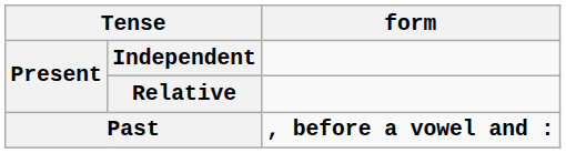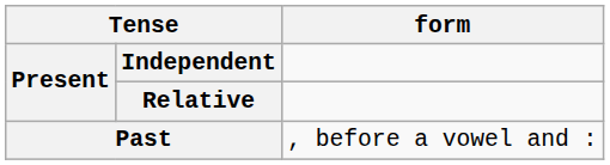 <table class="wikitable">
 <tr>
 <th colspan="2">Tense</th>
 <th>form</th>
 </tr>
 <tr>
 <th rowspan="2">Present</th>
 <th>Independent</th>
 <td></td>
 </tr>
 <tr>
 <th>Relative</th>
 <td></td>
 </tr>
 <tr>
 <th colspan="2">Past</th>
-<td><strong>, before a vowel and : </strong></td>
+<td>, before a vowel and : </td>
 </tr>
 </table>
